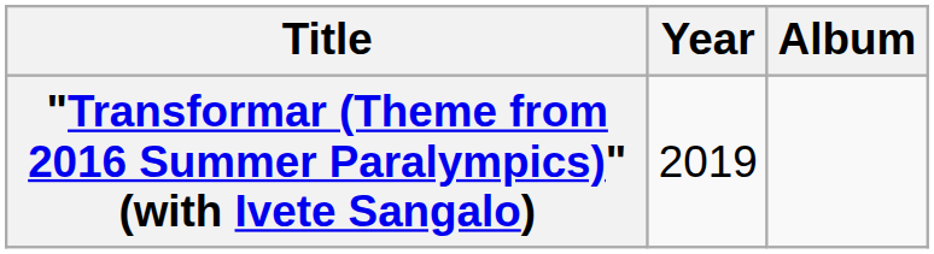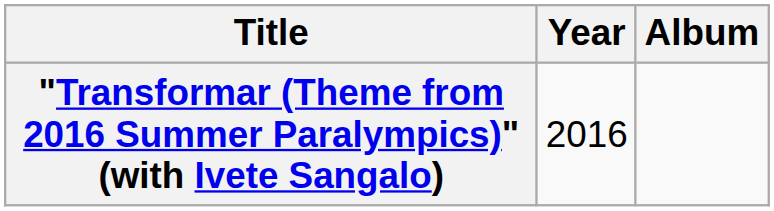 <table class="wikitable plainrowheaders" style="text-align:center;">
 <tr>
 <th scope="col" style="width:14em;">Title</th>
 <th scope="col">Year</th>
 <th scope="col">Album</th>
 </tr>
 <tr>
 <th scope="row">"<a href='#'>Transformar (Theme from 2016 Summer Paralympics)</a>"<br><span>(with <a href='#'>Ivete Sangalo</a>)</span></th>
-<td>2019</td>
+<td>2016</td>
 <td></td>
 </tr>
 </table>
